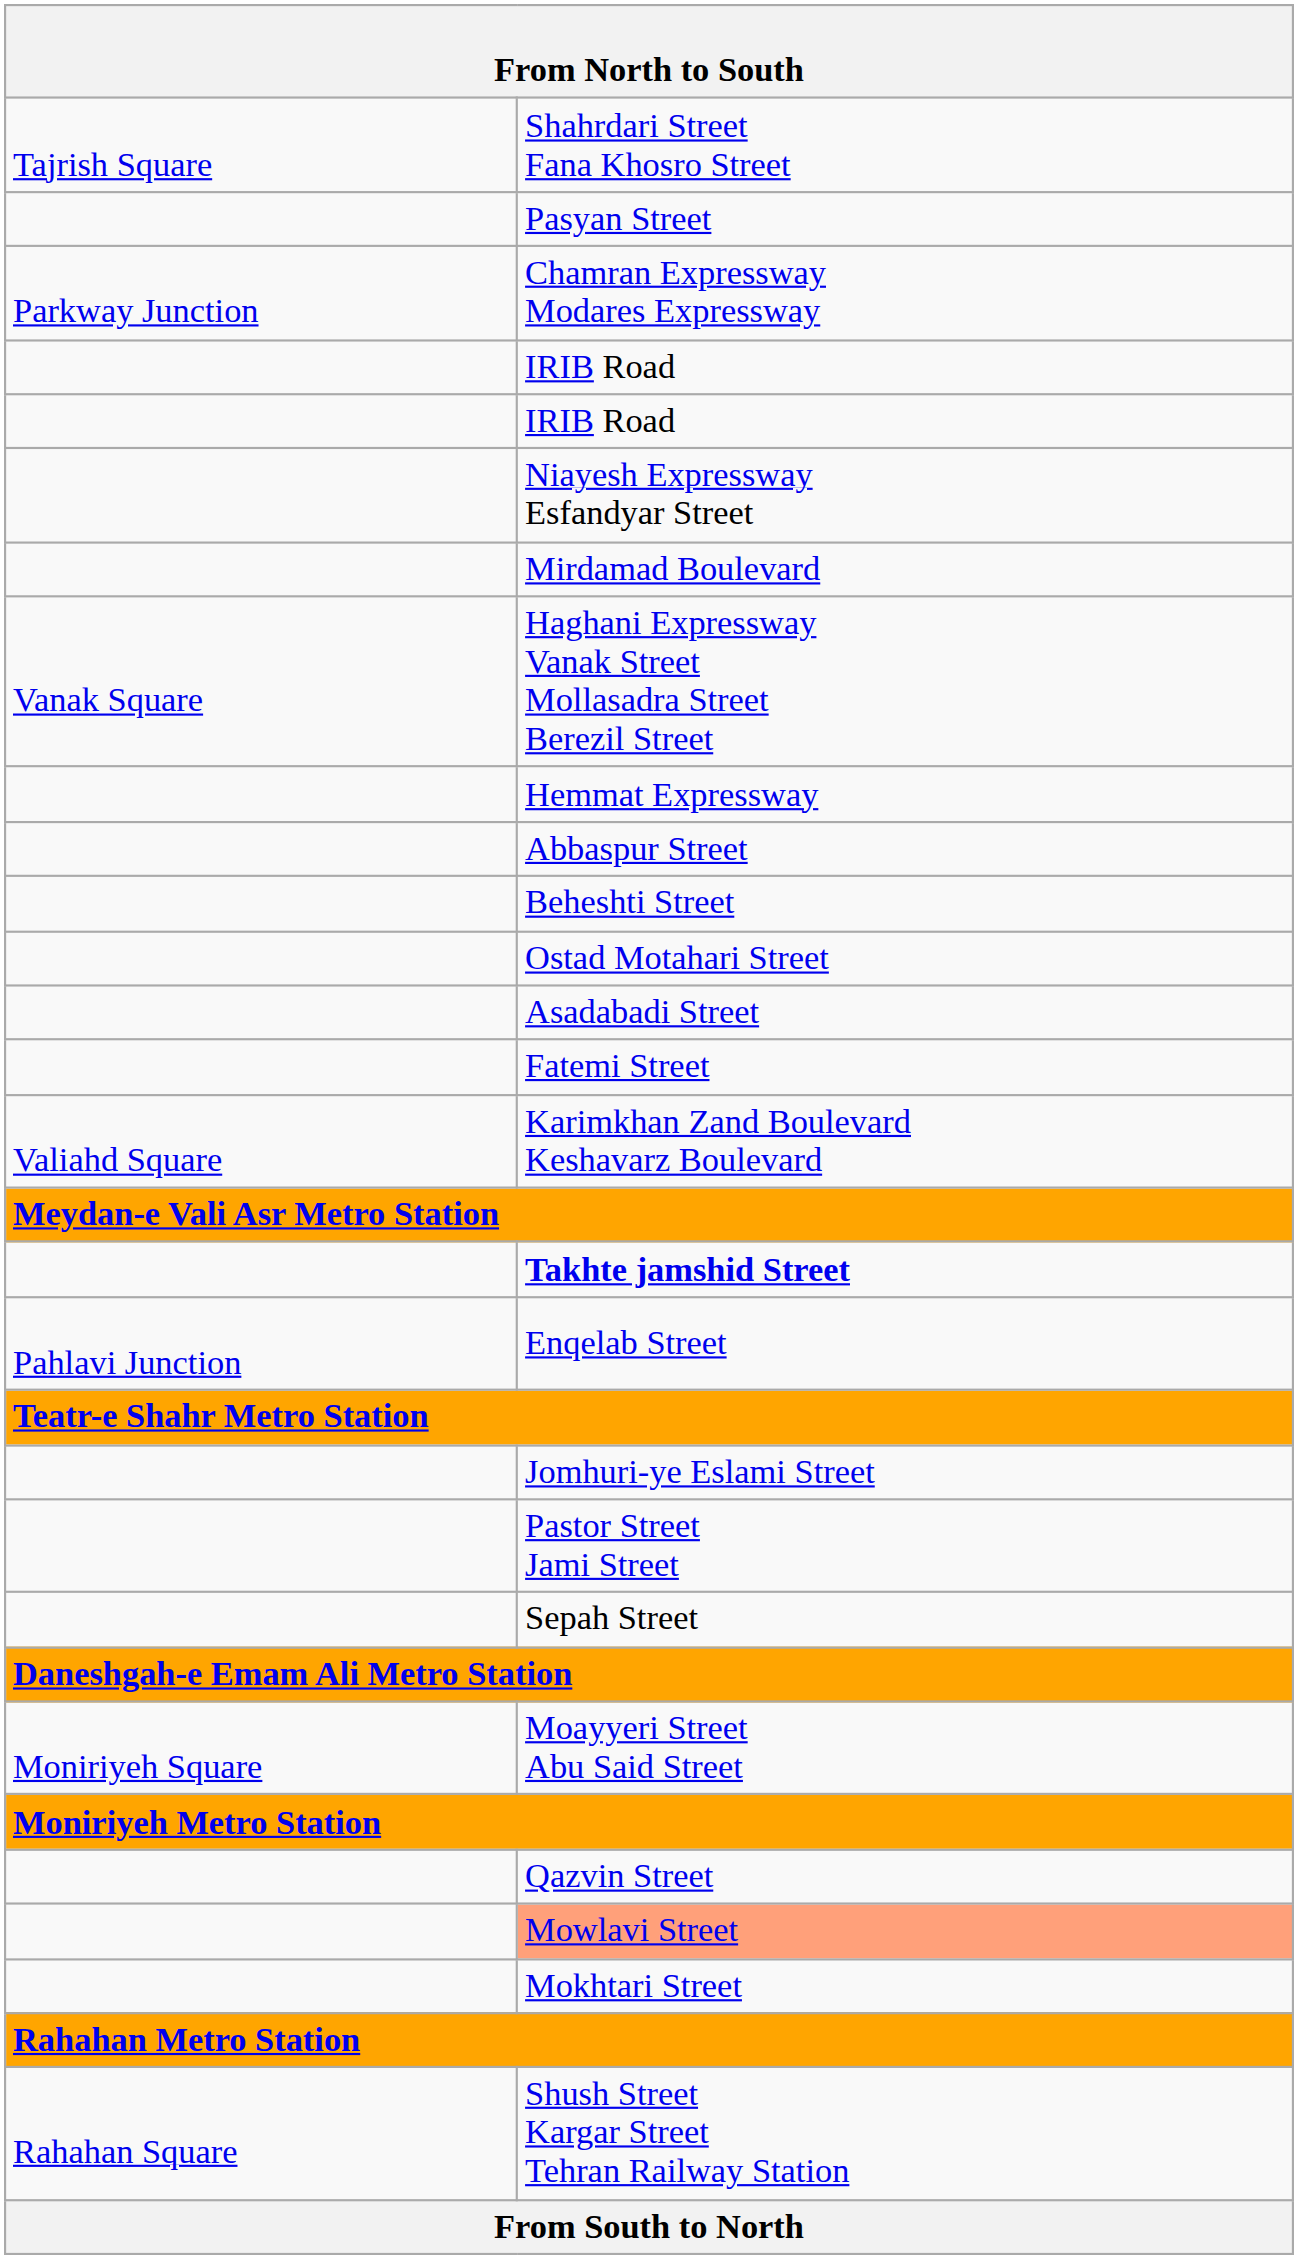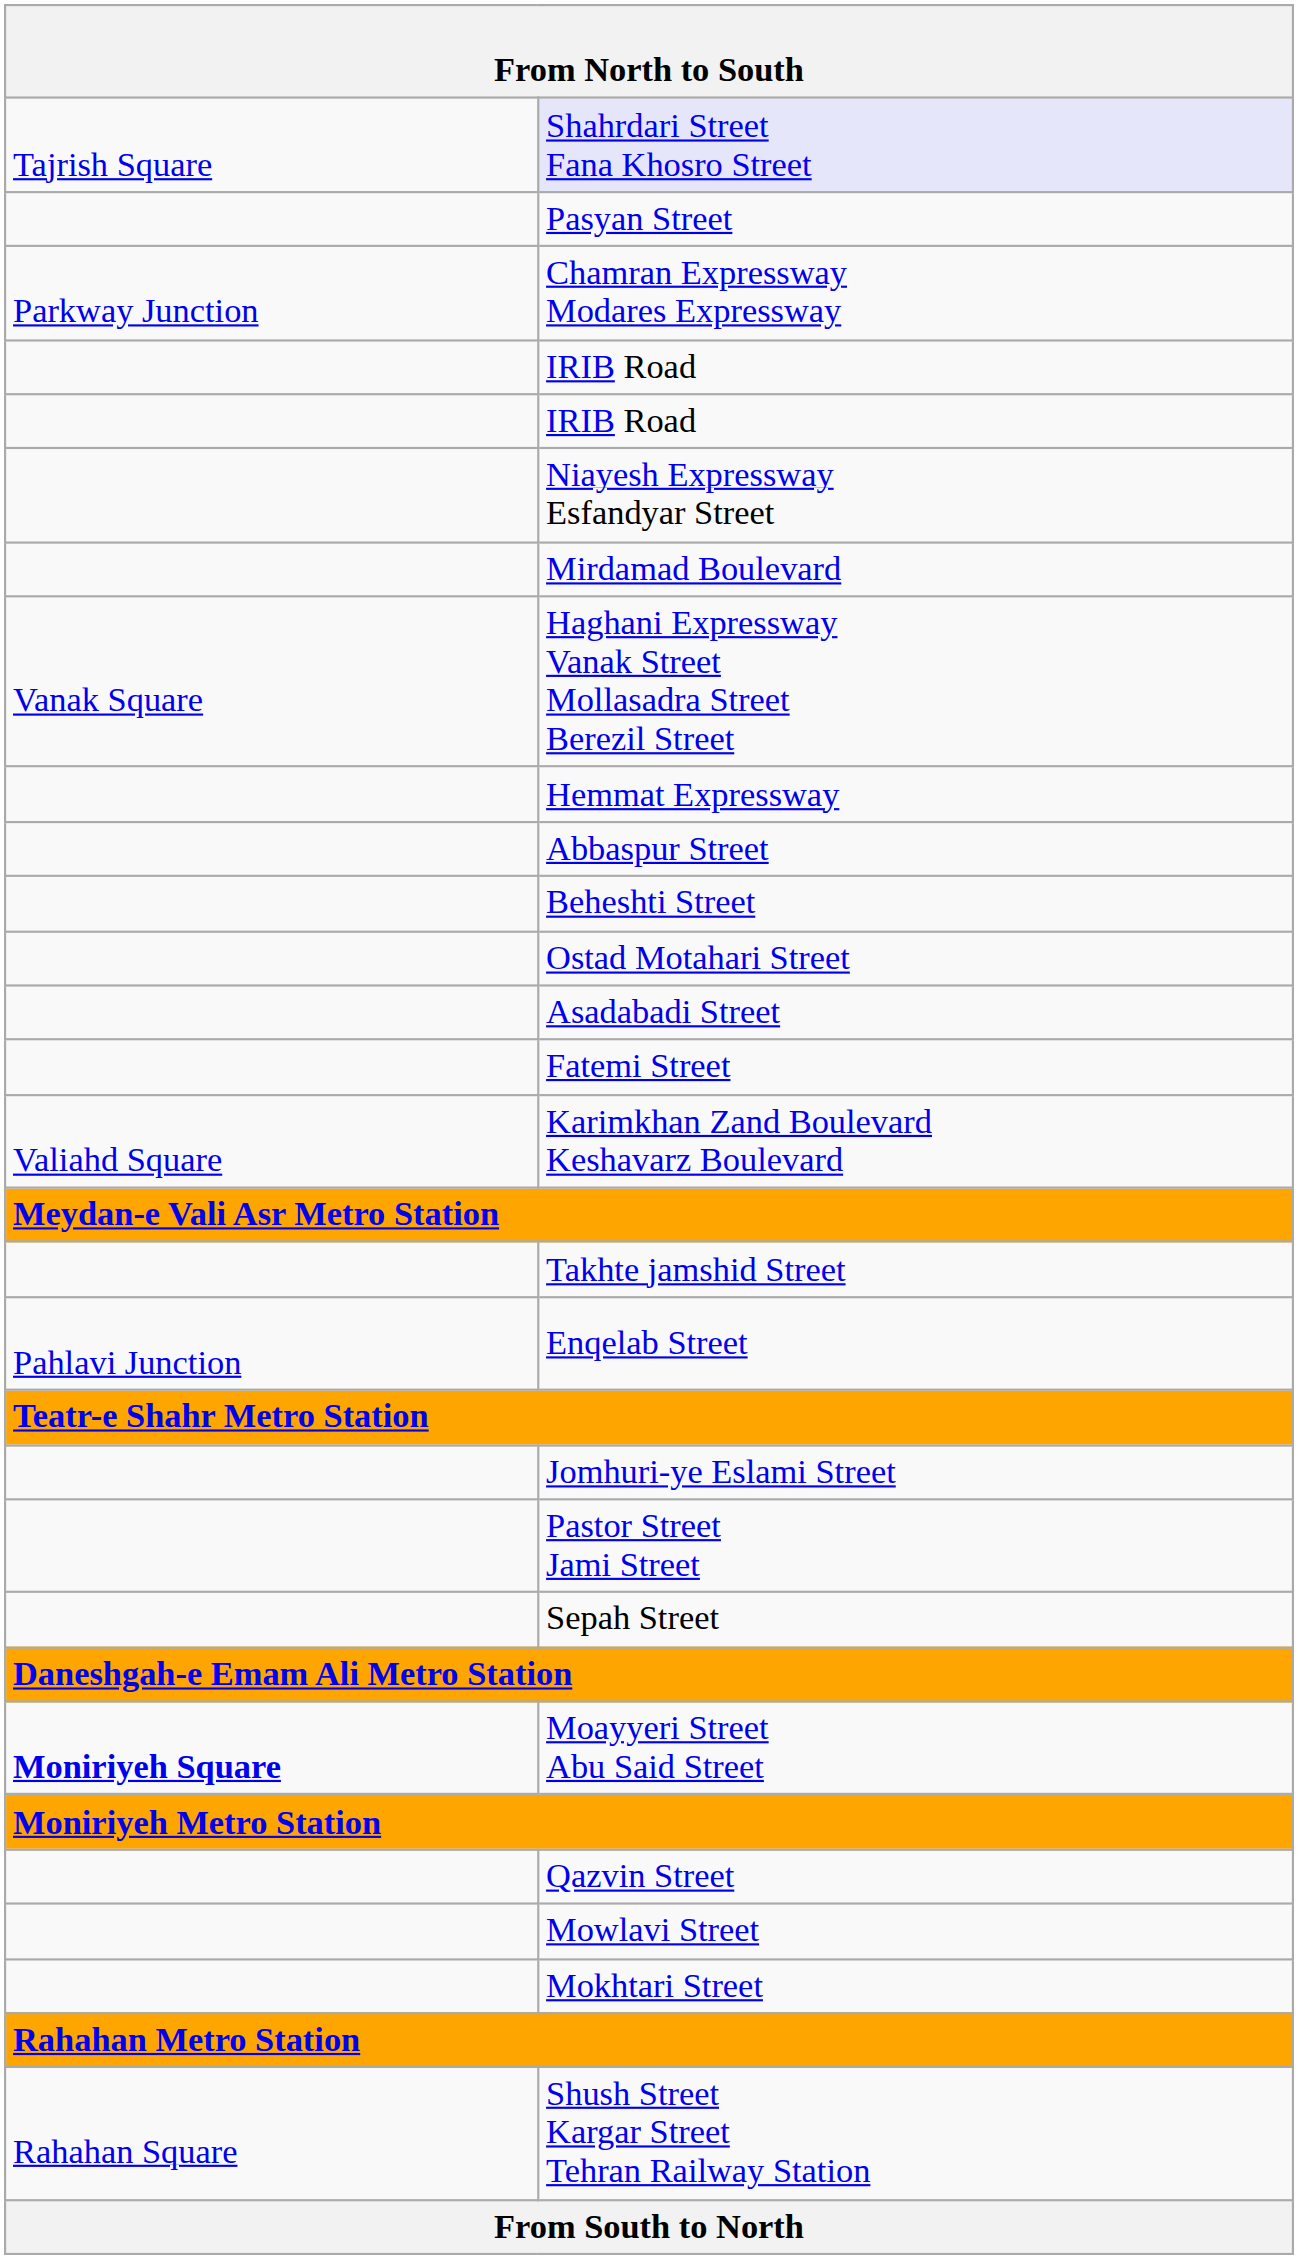 <table class="wikitable" style="text-align:left" width="600px">
 <tr>
 <th text-align="left" colspan="3"><br> From North to South </th>
 </tr>
 <tr>
 <td><br><a href='#'>Tajrish Square</a></td>
-<td> <a href='#'>Shahrdari Street</a><br> <a href='#'>Fana Khosro Street</a></td>
+<td style="background: lavender;"> <a href='#'>Shahrdari Street</a><br> <a href='#'>Fana Khosro Street</a></td>
 </tr>
 <tr>
 <td></td>
 <td> <a href='#'>Pasyan Street</a></td>
 </tr>
 <tr>
 <td><br><a href='#'>Parkway Junction</a></td>
 <td> <a href='#'>Chamran Expressway</a><br> <a href='#'>Modares Expressway</a></td>
 </tr>
 <tr>
 <td></td>
 <td> <a href='#'>IRIB</a> Road</td>
 </tr>
 <tr>
 <td></td>
 <td> <a href='#'>IRIB</a> Road</td>
 </tr>
 <tr>
 <td></td>
 <td> <a href='#'>Niayesh Expressway</a><br> Esfandyar Street</td>
 </tr>
 <tr>
 <td></td>
 <td> <a href='#'>Mirdamad Boulevard</a></td>
 </tr>
 <tr>
 <td><br><a href='#'>Vanak Square</a></td>
 <td> <a href='#'>Haghani Expressway</a><br> <a href='#'>Vanak Street</a><br> <a href='#'>Mollasadra Street</a><br> <a href='#'>Berezil Street</a></td>
 </tr>
 <tr>
 <td></td>
 <td> <a href='#'>Hemmat Expressway</a></td>
 </tr>
 <tr>
 <td></td>
 <td> <a href='#'>Abbaspur Street</a></td>
 </tr>
 <tr>
 <td></td>
 <td> <a href='#'>Beheshti Street</a></td>
 </tr>
 <tr>
 <td></td>
 <td> <a href='#'>Ostad Motahari Street</a></td>
 </tr>
 <tr>
 <td></td>
 <td> <a href='#'>Asadabadi Street</a></td>
 </tr>
 <tr>
 <td></td>
 <td> <a href='#'>Fatemi Street</a></td>
 </tr>
 <tr>
 <td><br><a href='#'>Valiahd Square</a></td>
 <td> <a href='#'>Karimkhan Zand Boulevard</a><br> <a href='#'>Keshavarz Boulevard</a></td>
 </tr>
 <tr>
 <td text-align="center" colspan="3" style="background: orange; color: white;"> <strong><a href='#'>Meydan-e Vali Asr Metro Station</a></strong></td>
 </tr>
 <tr>
 <td></td>
-<td><strong> <a href='#'>Takhte jamshid Street</a></strong></td>
+<td> <a href='#'>Takhte jamshid Street</a></td>
 </tr>
 <tr>
 <td><br><a href='#'>Pahlavi Junction</a></td>
 <td> <a href='#'>Enqelab Street</a></td>
 </tr>
 <tr>
 <td text-align="center" colspan="3" style="background: orange; color: white;"> <strong><a href='#'>Teatr-e Shahr Metro Station</a></strong></td>
 </tr>
 <tr>
 <td></td>
 <td> <a href='#'>Jomhuri-ye Eslami Street</a></td>
 </tr>
 <tr>
 <td></td>
 <td> <a href='#'>Pastor Street</a><br> <a href='#'>Jami Street</a></td>
 </tr>
 <tr>
 <td></td>
 <td> Sepah Street</td>
 </tr>
 <tr>
 <td text-align="center" colspan="3" style="background: orange; color: white;"> <strong><a href='#'>Daneshgah-e Emam Ali Metro Station</a></strong></td>
 </tr>
 <tr>
-<td><br><a href='#'>Moniriyeh Square</a></td>
+<td><strong><br><a href='#'>Moniriyeh Square</a></strong></td>
 <td> <a href='#'>Moayyeri Street</a><br> <a href='#'>Abu Said Street</a></td>
 </tr>
 <tr>
 <td text-align="center" colspan="3" style="background: orange; color: white;"> <strong><a href='#'>Moniriyeh Metro Station</a></strong></td>
 </tr>
 <tr>
 <td></td>
 <td> <a href='#'>Qazvin Street</a></td>
 </tr>
 <tr>
 <td></td>
-<td style="background: lightsalmon;"> <a href='#'>Mowlavi Street</a></td>
+<td> <a href='#'>Mowlavi Street</a></td>
 </tr>
 <tr>
 <td></td>
 <td> <a href='#'>Mokhtari Street</a></td>
 </tr>
 <tr>
 <td text-align="center" colspan="3" style="background: orange; color: white;"> <strong><a href='#'>Rahahan Metro Station</a></strong></td>
 </tr>
 <tr>
 <td><br><a href='#'>Rahahan Square</a></td>
 <td> <a href='#'>Shush Street</a><br> <a href='#'>Kargar Street</a><br> <a href='#'>Tehran Railway Station</a></td>
 </tr>
 <tr>
 <th text-align="center" colspan="3"> From South to North </th>
 </tr>
 </table>
